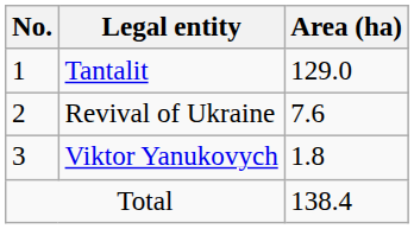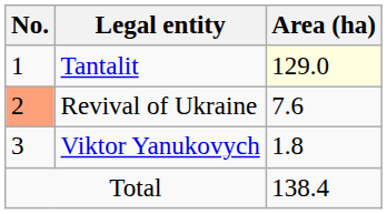 <table class="wikitable">
 <tr>
 <th>No.</th>
 <th>Legal entity</th>
 <th>Area (ha)</th>
 </tr>
 <tr>
 <td>1</td>
 <td><a href='#'>Tantalit</a></td>
-<td>129.0</td>
+<td style="background: lightyellow;">129.0</td>
 </tr>
 <tr>
-<td>2</td>
+<td style="background: lightsalmon;">2</td>
 <td>Revival of Ukraine</td>
 <td>7.6</td>
 </tr>
 <tr>
 <td>3</td>
 <td><a href='#'>Viktor Yanukovych</a></td>
 <td>1.8</td>
 </tr>
 <tr>
 <td colspan=2 align=center>Total</td>
 <td>138.4</td>
 </tr>
 </table>
